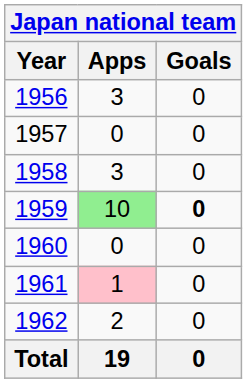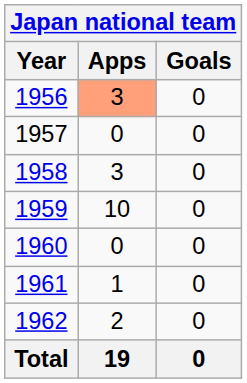 <table class="wikitable" style="text-align:center">
 <tr>
 <th colspan=3><a href='#'>Japan national team</a></th>
 </tr>
 <tr>
 <th>Year</th>
 <th>Apps</th>
 <th>Goals</th>
 </tr>
 <tr>
 <td><a href='#'>1956</a></td>
-<td>3</td>
+<td style="background: lightsalmon;">3</td>
 <td>0</td>
 </tr>
 <tr>
 <td>1957</td>
 <td>0</td>
 <td>0</td>
 </tr>
 <tr>
 <td><a href='#'>1958</a></td>
 <td>3</td>
 <td>0</td>
 </tr>
 <tr>
 <td><a href='#'>1959</a></td>
-<td style="background: lightgreen;">10</td>
-<td><strong>0</strong></td>
+<td>10</td>
+<td>0</td>
 </tr>
 <tr>
 <td><a href='#'>1960</a></td>
 <td>0</td>
 <td>0</td>
 </tr>
 <tr>
 <td><a href='#'>1961</a></td>
-<td style="background: pink;">1</td>
+<td>1</td>
 <td>0</td>
 </tr>
 <tr>
 <td><a href='#'>1962</a></td>
 <td>2</td>
 <td>0</td>
 </tr>
 <tr>
 <th>Total</th>
 <th>19</th>
 <th>0</th>
 </tr>
 </table>
